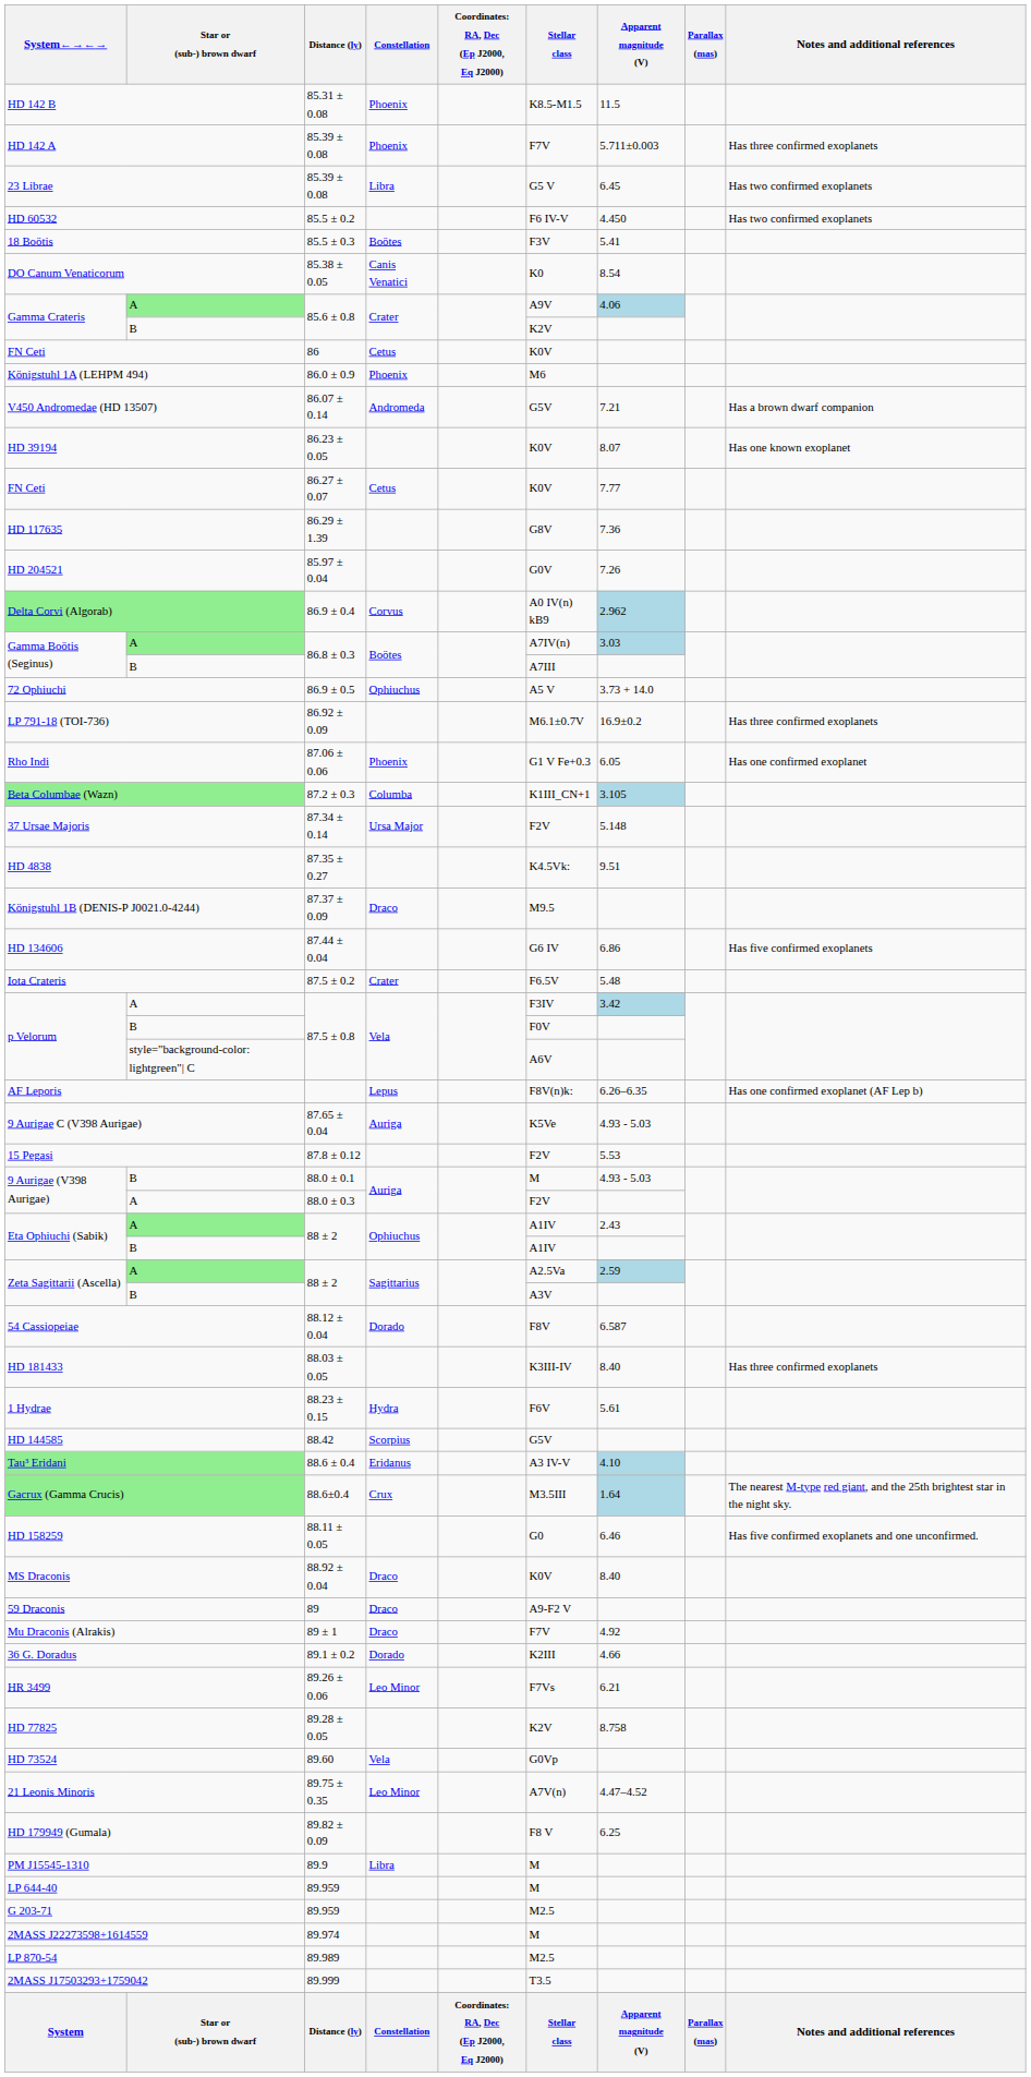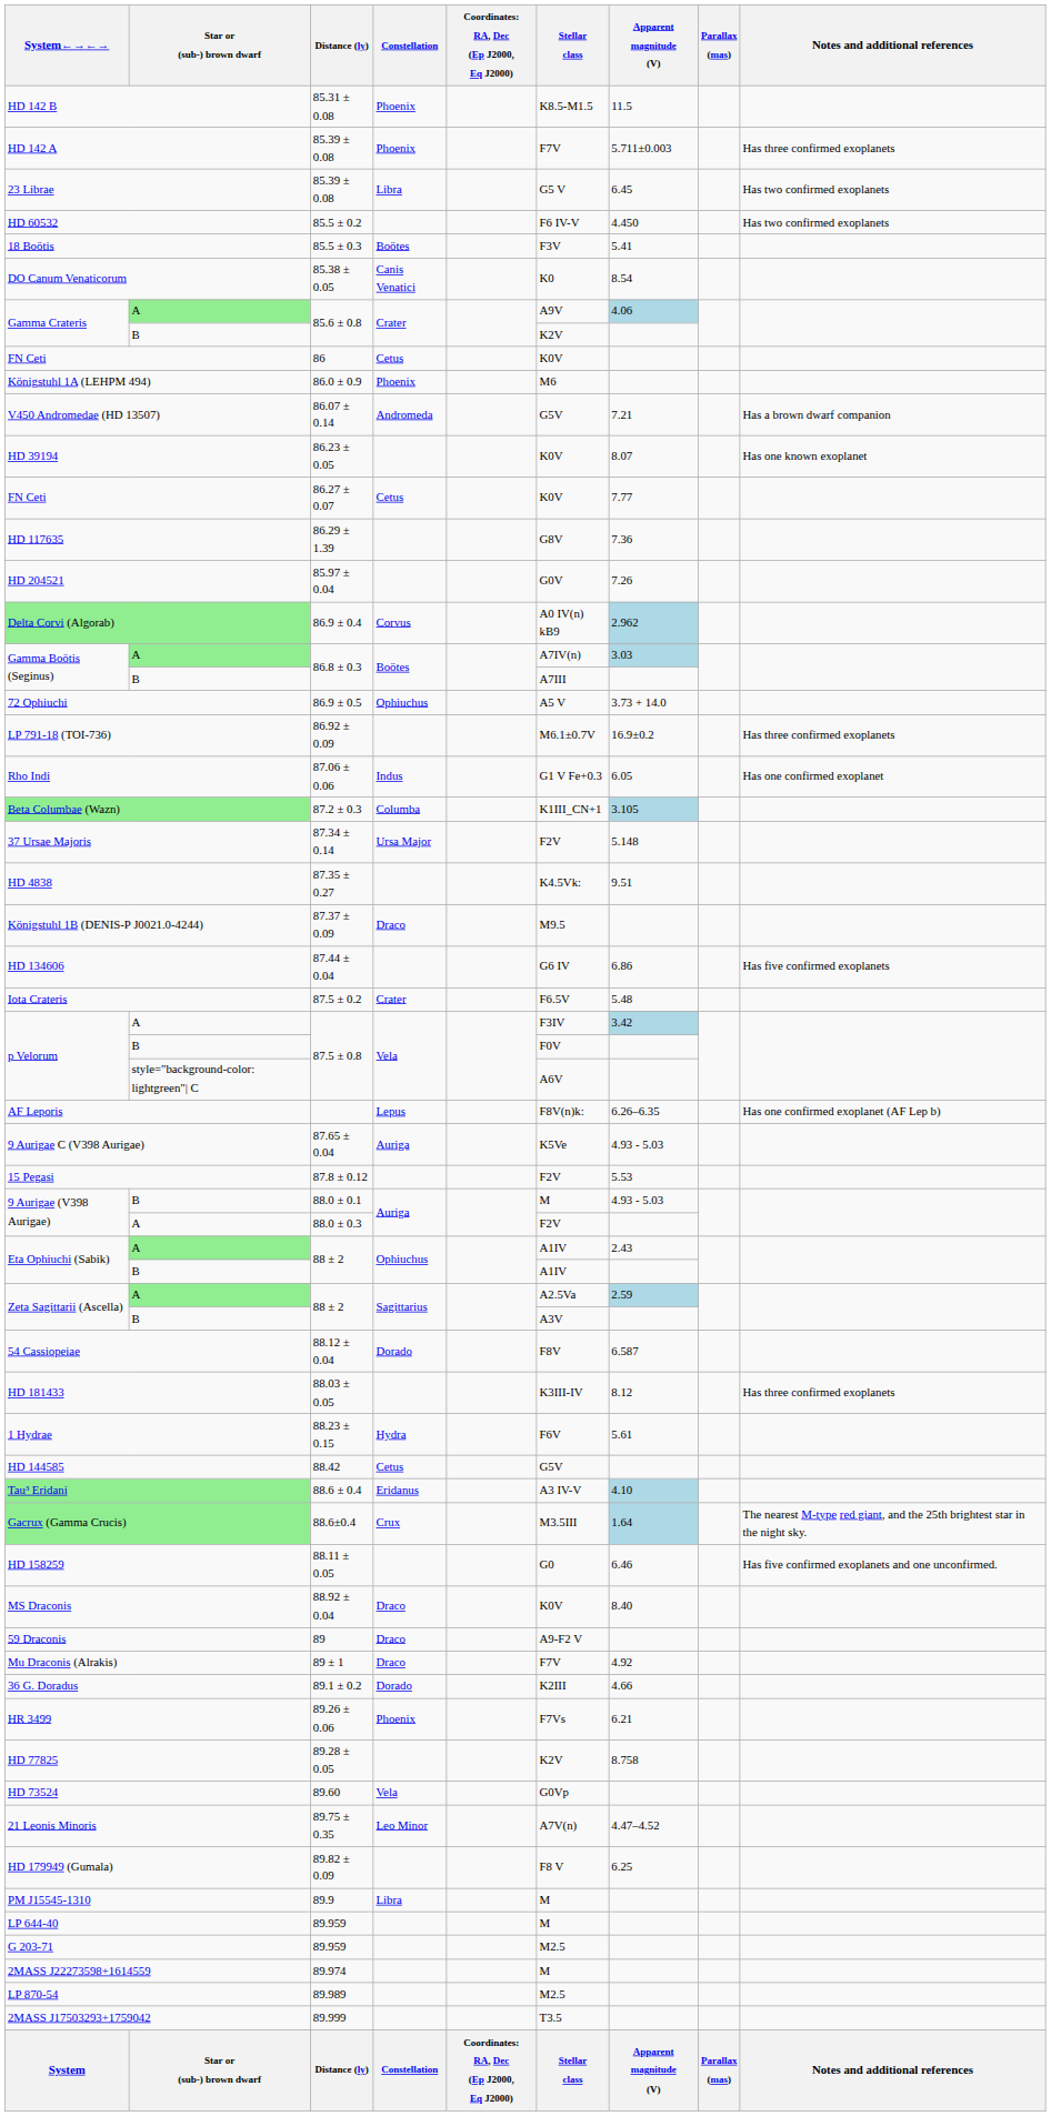 <table class="wikitable sortable" style="font-size:90%; line-height:1.5em; position:relative">
 <tr>
 <th scope="col"><a href='#'>System</a><span><a href='#'>←</a></span><span><a href='#'>→</a></span><span><a href='#'>←</a></span><span><a href='#'>→</a></span></th>
 <th><small>Star or<br>(sub-) brown dwarf</small></th>
 <th scope="col"><small>Distance (<a href='#'>ly</a>)</small></th>
 <th><small><a href='#'>Constellation</a></small></th>
 <th><small>Coordinates:<br><a href='#'>RA</a>, <a href='#'>Dec</a><br>(<a href='#'>Ep</a> J2000, <a href='#'>Eq</a> J2000)</small></th>
 <th scope="col"><small><a href='#'>Stellar<br>class</a></small></th>
 <th scope="col"><small><a href='#'>Apparent magnitude</a><br>(V)</small></th>
 <th scope="col"><small><a href='#'>Parallax</a><br>(<a href='#'>mas</a>)</small></th>
 <th scope="col">Notes and additional references</th>
 </tr>
 <tr>
 <td colspan = '2'><a href='#'>HD 142 B</a></td>
 <td>85.31 ± 0.08</td>
 <td><a href='#'>Phoenix</a></td>
 <td></td>
 <td style="background: ">K8.5-M1.5</td>
 <td>11.5</td>
 <td></td>
 <td></td>
 </tr>
 <tr>
 <td colspan = '2'><a href='#'>HD 142 A</a></td>
 <td>85.39 ± 0.08</td>
 <td><a href='#'>Phoenix</a></td>
 <td></td>
 <td style="background: ">F7V</td>
 <td>5.711±0.003</td>
 <td></td>
 <td>Has three confirmed exoplanets</td>
 </tr>
 <tr>
 <td colspan = '2'><a href='#'>23 Librae</a></td>
 <td>85.39 ± 0.08</td>
 <td><a href='#'>Libra</a></td>
 <td></td>
 <td style="background: ">G5 V</td>
 <td>6.45</td>
 <td></td>
 <td>Has two confirmed exoplanets</td>
 </tr>
 <tr>
 <td colspan = '2'><a href='#'>HD 60532</a></td>
 <td>85.5 ± 0.2</td>
 <td></td>
 <td></td>
 <td style="background: ">F6 IV-V</td>
 <td>4.450</td>
 <td></td>
 <td>Has two confirmed exoplanets</td>
 </tr>
 <tr>
 <td colspan = '2'><a href='#'>18 Boötis</a></td>
 <td>85.5 ± 0.3</td>
 <td><a href='#'>Boötes</a></td>
 <td></td>
 <td style="background: ">F3V</td>
 <td>5.41</td>
 <td></td>
 <td></td>
 </tr>
 <tr>
 <td colspan = '2'><a href='#'>DO Canum Venaticorum</a></td>
 <td>85.38 ± 0.05</td>
 <td><a href='#'>Canis Venatici</a></td>
 <td></td>
 <td style="background: ">K0</td>
 <td>8.54</td>
 <td></td>
 <td></td>
 </tr>
 <tr>
 <td rowspan='2'><a href='#'>Gamma Crateris</a></td>
 <td style="background-color: lightgreen">A</td>
 <td rowspan='2'>85.6 ± 0.8</td>
 <td rowspan='2'><a href='#'>Crater</a></td>
 <td rowspan='2'></td>
 <td style="background: ">A9V</td>
 <td style="background-color: lightblue">4.06</td>
 <td rowspan='2'></td>
 <td rowspan='2'></td>
 </tr>
 <tr>
 <td>B</td>
 <td style="background: ">K2V</td>
 <td></td>
 </tr>
 <tr>
 <td colspan = '2'><a href='#'>FN Ceti</a></td>
 <td>86</td>
 <td><a href='#'>Cetus</a></td>
 <td></td>
 <td style="background: ">K0V</td>
 <td></td>
 <td></td>
 <td></td>
 </tr>
 <tr>
 <td colspan = '2'><a href='#'>Königstuhl 1A</a> (LEHPM 494)</td>
 <td>86.0 ± 0.9</td>
 <td><a href='#'>Phoenix</a></td>
 <td></td>
 <td style="background: ">M6</td>
 <td></td>
 <td></td>
 <td></td>
 </tr>
 <tr>
 <td colspan = '2'><a href='#'>V450 Andromedae</a> (HD 13507)</td>
 <td>86.07 ± 0.14</td>
 <td><a href='#'>Andromeda</a></td>
 <td></td>
 <td style="background: ">G5V</td>
 <td>7.21</td>
 <td></td>
 <td>Has a brown dwarf companion</td>
 </tr>
 <tr>
 <td colspan = '2'><a href='#'>HD 39194</a></td>
 <td>86.23 ± 0.05</td>
 <td></td>
 <td></td>
 <td style="background: ">K0V</td>
 <td>8.07</td>
 <td></td>
 <td>Has one known exoplanet</td>
 </tr>
 <tr>
 <td colspan = '2'><a href='#'>FN Ceti</a></td>
 <td>86.27 ± 0.07</td>
 <td><a href='#'>Cetus</a></td>
 <td></td>
 <td style="background: ">K0V</td>
 <td>7.77</td>
 <td></td>
 <td></td>
 </tr>
 <tr>
 <td colspan = '2'><a href='#'>HD 117635</a></td>
 <td>86.29 ± 1.39</td>
 <td></td>
 <td></td>
 <td style="background: ">G8V</td>
 <td>7.36</td>
 <td></td>
 <td></td>
 </tr>
 <tr>
 <td colspan = '2'><a href='#'>HD 204521</a></td>
 <td>85.97 ± 0.04</td>
 <td></td>
 <td></td>
 <td style="background: ">G0V</td>
 <td>7.26</td>
 <td></td>
 <td></td>
 </tr>
 <tr>
 <td colspan = '2' style="background-color: lightgreen"><a href='#'>Delta Corvi</a> (Algorab)</td>
 <td>86.9 ± 0.4</td>
 <td><a href='#'>Corvus</a></td>
 <td></td>
 <td style="background: ">A0 IV(n) kB9</td>
 <td style="background-color: lightblue">2.962</td>
 <td></td>
 <td></td>
 </tr>
 <tr>
 <td rowspan='2'><a href='#'>Gamma Boötis</a> (Seginus)</td>
 <td style="background-color: lightgreen">A</td>
 <td rowspan='2'>86.8 ± 0.3</td>
 <td rowspan='2'><a href='#'>Boötes</a></td>
 <td rowspan='2'></td>
 <td style="background: ">A7IV(n)</td>
 <td style="background-color: lightblue">3.03</td>
 <td rowspan='2'></td>
 <td rowspan='2'></td>
 </tr>
 <tr>
 <td>B</td>
 <td style="background: ">A7III</td>
 <td></td>
 </tr>
 <tr>
 <td colspan = '2'><a href='#'>72 Ophiuchi</a></td>
 <td>86.9 ± 0.5</td>
 <td><a href='#'>Ophiuchus</a></td>
 <td></td>
 <td style="background: ">A5 V</td>
 <td>3.73 + 14.0</td>
 <td></td>
 <td></td>
 </tr>
 <tr>
 <td colspan = '2'><a href='#'>LP 791-18</a> (TOI-736)</td>
 <td>86.92 ± 0.09</td>
 <td></td>
 <td></td>
 <td style="background: ">M6.1±0.7V</td>
 <td>16.9±0.2</td>
 <td></td>
 <td>Has three confirmed exoplanets</td>
 </tr>
 <tr>
 <td colspan = '2'><a href='#'>Rho Indi</a></td>
 <td>87.06 ± 0.06</td>
-<td><a href='#'>Phoenix</a></td>
+<td><a href='#'>Indus</a></td>
 <td></td>
 <td style="background: ">G1 V Fe+0.3</td>
 <td>6.05</td>
 <td></td>
 <td>Has one confirmed exoplanet</td>
 </tr>
 <tr>
 <td colspan = '2' style="background-color: lightgreen"><a href='#'>Beta Columbae</a> (Wazn)</td>
 <td>87.2 ± 0.3</td>
 <td><a href='#'>Columba</a></td>
 <td></td>
 <td style="background: ">K1III_CN+1</td>
 <td style="background-color: lightblue">3.105</td>
 <td></td>
 <td></td>
 </tr>
 <tr>
 <td colspan = '2'><a href='#'>37 Ursae Majoris</a></td>
 <td>87.34 ± 0.14</td>
 <td><a href='#'>Ursa Major</a></td>
 <td></td>
 <td style="background: ">F2V</td>
 <td>5.148</td>
 <td></td>
 <td></td>
 </tr>
 <tr>
 <td colspan = '2'><a href='#'>HD 4838</a></td>
 <td>87.35 ± 0.27</td>
 <td></td>
 <td></td>
 <td style="background: ">K4.5Vk:</td>
 <td>9.51</td>
 <td></td>
 <td></td>
 </tr>
 <tr>
 <td colspan = '2'><a href='#'>Königstuhl 1B</a> (DENIS-P J0021.0-4244)</td>
 <td>87.37 ± 0.09</td>
 <td><a href='#'>Draco</a></td>
 <td></td>
 <td style="background: ">M9.5</td>
 <td></td>
 <td></td>
 <td></td>
 </tr>
 <tr>
 <td colspan = '2'><a href='#'>HD 134606</a></td>
 <td>87.44 ± 0.04</td>
 <td></td>
 <td></td>
 <td style="background: ">G6 IV</td>
 <td>6.86</td>
 <td></td>
 <td>Has five confirmed exoplanets</td>
 </tr>
 <tr>
 <td colspan = '2'><a href='#'>Iota Crateris</a></td>
 <td>87.5 ± 0.2</td>
 <td><a href='#'>Crater</a></td>
 <td></td>
 <td style="background: ">F6.5V</td>
 <td>5.48</td>
 <td></td>
 <td></td>
 </tr>
 <tr>
 <td rowspan='3'><a href='#'>p Velorum</a></td>
 <td>A</td>
 <td rowspan='3'>87.5 ± 0.8</td>
 <td rowspan='3'><a href='#'>Vela</a></td>
 <td rowspan='3'></td>
 <td style="background: ">F3IV</td>
 <td style="background-color: lightblue">3.42</td>
 <td rowspan='3'></td>
 <td rowspan='3'></td>
 </tr>
 <tr>
 <td>B</td>
 <td style="background: ">F0V</td>
 <td></td>
 </tr>
 <tr>
 <td>style="background-color: lightgreen"| C</td>
 <td style="background: ">A6V</td>
 <td></td>
 </tr>
 <tr>
 <td colspan = '2'><a href='#'>AF Leporis</a></td>
 <td></td>
 <td><a href='#'>Lepus</a></td>
 <td></td>
 <td style="background: ">F8V(n)k:</td>
 <td>6.26–6.35</td>
 <td></td>
 <td>Has one confirmed exoplanet (AF Lep b)</td>
 </tr>
 <tr>
 <td colspan = '2'><a href='#'>9 Aurigae</a> C (V398 Aurigae)</td>
 <td>87.65 ± 0.04</td>
 <td><a href='#'>Auriga</a></td>
 <td></td>
 <td style="background: ">K5Ve</td>
 <td>4.93 - 5.03</td>
 <td></td>
 <td></td>
 </tr>
 <tr>
 <td colspan = '2'><a href='#'>15 Pegasi</a></td>
 <td>87.8 ± 0.12</td>
 <td></td>
 <td></td>
 <td style="background: ">F2V</td>
 <td>5.53</td>
 <td></td>
 <td></td>
 </tr>
 <tr>
 <td rowspan='2'><a href='#'>9 Aurigae</a> (V398 Aurigae)</td>
 <td>B</td>
 <td>88.0 ± 0.1</td>
 <td rowspan='2'><a href='#'>Auriga</a></td>
 <td rowspan='2'></td>
 <td style="background: ">M</td>
 <td>4.93 - 5.03</td>
 <td rowspan='2'></td>
 <td rowspan='2'></td>
 </tr>
 <tr>
 <td>A</td>
 <td>88.0 ± 0.3</td>
 <td style="background: ">F2V</td>
 <td></td>
 </tr>
 <tr>
 <td rowspan='2'><a href='#'>Eta Ophiuchi</a> (Sabik)</td>
 <td style="background-color: lightgreen">A</td>
 <td rowspan='2'>88 ± 2</td>
 <td rowspan='2'><a href='#'>Ophiuchus</a></td>
 <td rowspan='2'></td>
 <td style="background: ">A1IV</td>
 <td> 2.43</td>
 <td rowspan='2'></td>
 <td rowspan='2'></td>
 </tr>
 <tr>
 <td>B</td>
 <td style="background: ">A1IV</td>
 <td></td>
 </tr>
 <tr>
 <td rowspan='2'><a href='#'>Zeta Sagittarii</a> (Ascella)</td>
 <td style="background-color: lightgreen">A</td>
 <td rowspan='2'>88 ± 2</td>
 <td rowspan='2'><a href='#'>Sagittarius</a></td>
 <td rowspan='2'></td>
 <td style="background: ">A2.5Va</td>
 <td style="background-color: lightblue">2.59</td>
 <td rowspan='2'></td>
 <td rowspan='2'></td>
 </tr>
 <tr>
 <td>B</td>
 <td style="background: ">A3V</td>
 <td></td>
 </tr>
 <tr>
 <td colspan = '2'><a href='#'>54 Cassiopeiae</a></td>
 <td>88.12 ± 0.04</td>
 <td><a href='#'>Dorado</a></td>
 <td></td>
 <td style="background: ">F8V</td>
 <td>6.587</td>
 <td></td>
 <td></td>
 </tr>
 <tr>
 <td colspan = '2'><a href='#'>HD 181433</a></td>
 <td>88.03 ± 0.05</td>
 <td></td>
 <td></td>
 <td style="background: ">K3III-IV</td>
-<td>8.40</td>
+<td>8.12</td>
 <td></td>
 <td>Has three confirmed exoplanets</td>
 </tr>
 <tr>
 <td colspan = '2'><a href='#'>1 Hydrae</a></td>
 <td>88.23 ± 0.15</td>
 <td><a href='#'>Hydra</a></td>
 <td></td>
 <td style="background: ">F6V</td>
 <td>5.61</td>
 <td></td>
 <td></td>
 </tr>
 <tr>
 <td colspan = '2'><a href='#'>HD 144585</a></td>
 <td>88.42</td>
-<td><a href='#'>Scorpius</a></td>
+<td><a href='#'>Cetus</a></td>
 <td></td>
 <td style="background: ">G5V</td>
 <td></td>
 <td></td>
 <td></td>
 </tr>
 <tr>
 <td colspan = '2' style="background-color: lightgreen"><a href='#'>Tau³ Eridani</a></td>
 <td>88.6 ± 0.4</td>
 <td><a href='#'>Eridanus</a></td>
 <td></td>
 <td style="background: ">A3 IV-V</td>
 <td style="background-color: lightblue">4.10</td>
 <td></td>
 <td></td>
 </tr>
 <tr>
 <td colspan = '2' style="background-color: lightgreen"><a href='#'>Gacrux</a> (Gamma Crucis)</td>
 <td>88.6±0.4</td>
 <td><a href='#'>Crux</a></td>
 <td></td>
 <td style="background: ">M3.5III</td>
 <td style="background-color: lightblue">1.64</td>
 <td></td>
 <td>The nearest <a href='#'>M-type</a> <a href='#'>red giant</a>, and the 25th brightest star in the night sky.</td>
 </tr>
 <tr>
 <td colspan = '2'><a href='#'>HD 158259</a></td>
 <td>88.11 ± 0.05</td>
 <td></td>
 <td></td>
 <td style="background: ">G0</td>
 <td>6.46</td>
 <td></td>
 <td>Has five confirmed exoplanets and one unconfirmed.</td>
 </tr>
 <tr>
 <td colspan = '2'><a href='#'>MS Draconis</a></td>
 <td>88.92 ± 0.04</td>
 <td><a href='#'>Draco</a></td>
 <td></td>
 <td style="background: ">K0V</td>
 <td>8.40</td>
 <td></td>
 <td></td>
 </tr>
 <tr>
 <td colspan = '2'><a href='#'>59 Draconis</a></td>
 <td>89</td>
 <td><a href='#'>Draco</a></td>
 <td></td>
 <td style="background: ">A9-F2 V</td>
 <td></td>
 <td></td>
 <td></td>
 </tr>
 <tr>
 <td colspan = '2'><a href='#'>Mu Draconis</a> (Alrakis)</td>
 <td>89 ± 1</td>
 <td><a href='#'>Draco</a></td>
 <td></td>
 <td style="background: ">F7V</td>
 <td>4.92</td>
 <td></td>
 <td></td>
 </tr>
 <tr>
 <td colspan = '2'><a href='#'>36 G. Doradus</a></td>
 <td>89.1 ± 0.2</td>
 <td><a href='#'>Dorado</a></td>
 <td></td>
 <td style="background: ">K2III</td>
 <td>4.66</td>
 <td></td>
 <td></td>
 </tr>
 <tr>
 <td colspan = '2'><a href='#'>HR 3499</a></td>
 <td>89.26 ± 0.06</td>
-<td><a href='#'>Leo Minor</a></td>
+<td><a href='#'>Phoenix</a></td>
 <td></td>
 <td style="background: ">F7Vs</td>
 <td>6.21</td>
 <td></td>
 <td></td>
 </tr>
 <tr>
 <td colspan = '2'><a href='#'>HD 77825</a></td>
 <td>89.28 ± 0.05</td>
 <td></td>
 <td></td>
 <td style="background: ">K2V</td>
 <td>8.758</td>
 <td></td>
 <td></td>
 </tr>
 <tr>
 <td colspan = '2'><a href='#'>HD 73524</a></td>
 <td>89.60</td>
 <td><a href='#'>Vela</a></td>
 <td></td>
 <td style="background: ">G0Vp</td>
 <td></td>
 <td></td>
 <td></td>
 </tr>
 <tr>
 <td colspan = '2'><a href='#'>21 Leonis Minoris</a></td>
 <td>89.75 ± 0.35</td>
 <td><a href='#'>Leo Minor</a></td>
 <td></td>
 <td style="background: ">A7V(n)</td>
 <td>4.47–4.52</td>
 <td></td>
 <td></td>
 </tr>
 <tr>
 <td colspan = '2'><a href='#'>HD 179949</a> (Gumala)</td>
 <td>89.82 ± 0.09</td>
 <td></td>
 <td></td>
 <td style="background: ">F8 V</td>
 <td>6.25</td>
 <td></td>
 <td></td>
 </tr>
 <tr>
 <td colspan = '2'><a href='#'>PM J15545-1310</a></td>
 <td>89.9</td>
 <td><a href='#'>Libra</a></td>
 <td></td>
 <td style="background: ">M</td>
 <td></td>
 <td></td>
 <td></td>
 </tr>
 <tr>
 <td colspan = '2'><a href='#'>LP 644-40</a></td>
 <td>89.959</td>
 <td></td>
 <td></td>
 <td style="background: ">M</td>
 <td></td>
 <td></td>
 <td></td>
 </tr>
 <tr>
 <td colspan = '2'><a href='#'>G 203-71</a></td>
 <td>89.959</td>
 <td></td>
 <td></td>
 <td style="background: ">M2.5</td>
 <td></td>
 <td></td>
 <td></td>
 </tr>
 <tr>
 <td colspan = '2'><a href='#'>2MASS J22273598+1614559</a></td>
 <td>89.974</td>
 <td></td>
 <td></td>
 <td style="background: ">M</td>
 <td></td>
 <td></td>
 <td></td>
 </tr>
 <tr>
 <td colspan = '2'><a href='#'>LP 870-54</a></td>
 <td>89.989</td>
 <td></td>
 <td></td>
 <td style="background: ">M2.5</td>
 <td></td>
 <td></td>
 <td></td>
 </tr>
 <tr>
 <td colspan = '2'><a href='#'>2MASS J17503293+1759042</a></td>
 <td>89.999</td>
 <td></td>
 <td></td>
 <td style="background: ">T3.5</td>
 <td></td>
 <td></td>
 <td></td>
 </tr>
 <tr>
 <th scope="col"><a href='#'>System</a></th>
 <th><small>Star or<br>(sub-) brown dwarf</small></th>
 <th scope="col"><small>Distance (<a href='#'>ly</a>)</small></th>
 <th><small><a href='#'>Constellation</a></small></th>
 <th><small>Coordinates:<br><a href='#'>RA</a>, <a href='#'>Dec</a><br>(<a href='#'>Ep</a> J2000, <a href='#'>Eq</a> J2000)</small></th>
 <th scope="col"><small><a href='#'>Stellar<br>class</a></small></th>
 <th scope="col"><small><a href='#'>Apparent magnitude</a><br>(V)</small></th>
 <th scope="col"><small><a href='#'>Parallax</a><br>(<a href='#'>mas</a>)</small></th>
 <th scope="col">Notes and additional references</th>
 </tr>
 </table>
